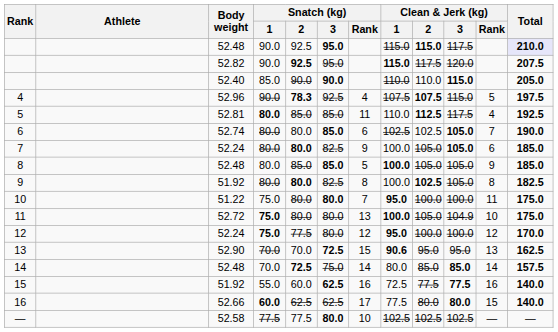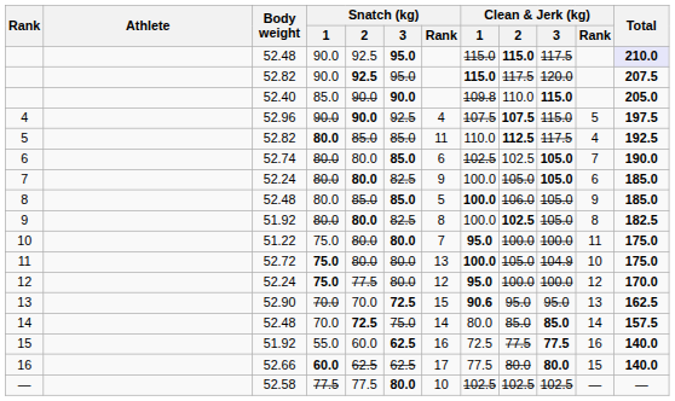 <table class = "wikitable" style="text-align:center;">
 <tr>
 <th rowspan=2 width=40>Rank</th>
 <th rowspan=2 width=250>Athlete</th>
 <th rowspan=2 width=60>Body weight</th>
 <th colspan=4>Snatch (kg)</th>
 <th colspan=4>Clean & Jerk (kg)</th>
 <th rowspan=2 width=60>Total</th>
 </tr>
 <tr>
 <th width=40>1</th>
 <th width=40>2</th>
 <th width=40>3</th>
 <th width=40>Rank</th>
 <th width=40>1</th>
 <th width=40>2</th>
 <th width=40>3</th>
 <th width=40>Rank</th>
 </tr>
 <tr>
 <td></td>
 <td align=left></td>
 <td>52.48</td>
 <td>90.0</td>
 <td>92.5</td>
 <td><strong>95.0</strong></td>
 <td></td>
 <td><s>115.0 </s></td>
 <td><strong>115.0</strong></td>
 <td><s>117.5 </s></td>
 <td></td>
 <td style="background: lavender;"><strong>210.0</strong></td>
 </tr>
 <tr>
 <td></td>
 <td align=left></td>
 <td>52.82</td>
 <td>90.0</td>
 <td><strong>92.5</strong></td>
 <td><s>95.0 </s></td>
 <td></td>
 <td><strong>115.0</strong></td>
 <td><s>117.5 </s></td>
 <td><s>120.0 </s></td>
 <td></td>
 <td><strong>207.5</strong></td>
 </tr>
 <tr>
 <td></td>
 <td align=left></td>
 <td>52.40</td>
 <td>85.0</td>
 <td><s>90.0 </s></td>
 <td><strong>90.0</strong></td>
 <td></td>
-<td><s>110.0 </s></td>
+<td><s>109.8 </s></td>
 <td>110.0</td>
 <td><strong>115.0</strong></td>
 <td></td>
 <td><strong>205.0</strong></td>
 </tr>
 <tr>
 <td>4</td>
 <td align=left></td>
 <td>52.96</td>
 <td><s>90.0 </s></td>
-<td><strong>78.3</strong></td>
+<td><strong>90.0</strong></td>
 <td><s>92.5 </s></td>
 <td>4</td>
 <td><s>107.5 </s></td>
 <td><strong>107.5</strong></td>
 <td><s>115.0 </s></td>
 <td>5</td>
 <td><strong>197.5</strong></td>
 </tr>
 <tr>
 <td>5</td>
 <td align=left></td>
-<td>52.81</td>
+<td>52.82</td>
 <td><strong>80.0</strong></td>
 <td><s>85.0 </s></td>
 <td><s>85.0 </s></td>
 <td>11</td>
 <td>110.0</td>
 <td><strong>112.5</strong></td>
 <td><s>117.5 </s></td>
 <td>4</td>
 <td><strong>192.5</strong></td>
 </tr>
 <tr>
 <td>6</td>
 <td align=left></td>
 <td>52.74</td>
 <td><s>80.0 </s></td>
 <td>80.0</td>
 <td><strong>85.0</strong></td>
 <td>6</td>
 <td><s>102.5 </s></td>
 <td>102.5</td>
 <td><strong>105.0</strong></td>
 <td>7</td>
 <td><strong>190.0</strong></td>
 </tr>
 <tr>
 <td>7</td>
 <td align=left></td>
 <td>52.24</td>
 <td><s>80.0 </s></td>
 <td><strong>80.0</strong></td>
 <td><s>82.5 </s></td>
 <td>9</td>
 <td>100.0</td>
 <td><s>105.0 </s></td>
 <td><strong>105.0</strong></td>
 <td>6</td>
 <td><strong>185.0</strong></td>
 </tr>
 <tr>
 <td>8</td>
 <td align=left></td>
 <td>52.48</td>
 <td>80.0</td>
 <td><s>85.0 </s></td>
 <td><strong>85.0</strong></td>
 <td>5</td>
 <td><strong>100.0</strong></td>
-<td><s>105.0 </s></td>
+<td><s>106.0 </s></td>
 <td><s>105.0 </s></td>
 <td>9</td>
 <td><strong>185.0</strong></td>
 </tr>
 <tr>
 <td>9</td>
 <td align=left></td>
 <td>51.92</td>
 <td><s>80.0 </s></td>
 <td><strong>80.0</strong></td>
 <td><s>82.5 </s></td>
 <td>8</td>
 <td>100.0</td>
 <td><strong>102.5</strong></td>
 <td><s>105.0 </s></td>
 <td>8</td>
 <td><strong>182.5</strong></td>
 </tr>
 <tr>
 <td>10</td>
 <td align=left></td>
 <td>51.22</td>
 <td>75.0</td>
 <td><s>80.0 </s></td>
 <td><strong>80.0</strong></td>
 <td>7</td>
 <td><strong>95.0</strong></td>
 <td><s>100.0 </s></td>
 <td><s>100.0 </s></td>
 <td>11</td>
 <td><strong>175.0</strong></td>
 </tr>
 <tr>
 <td>11</td>
 <td align=left></td>
 <td>52.72</td>
 <td><strong>75.0</strong></td>
 <td><s>80.0 </s></td>
 <td><s>80.0 </s></td>
 <td>13</td>
 <td><strong>100.0</strong></td>
 <td><s>105.0 </s></td>
 <td><s>104.9 </s></td>
 <td>10</td>
 <td><strong>175.0</strong></td>
 </tr>
 <tr>
 <td>12</td>
 <td align=left></td>
 <td>52.24</td>
 <td><strong>75.0</strong></td>
 <td><s>77.5 </s></td>
 <td><s>80.0 </s></td>
 <td>12</td>
 <td><strong>95.0</strong></td>
 <td><s>100.0 </s></td>
 <td><s>100.0 </s></td>
 <td>12</td>
 <td><strong>170.0</strong></td>
 </tr>
 <tr>
 <td>13</td>
 <td align=left></td>
 <td>52.90</td>
 <td><s>70.0 </s></td>
 <td>70.0</td>
 <td><strong>72.5</strong></td>
 <td>15</td>
 <td><strong>90.6</strong></td>
 <td><s>95.0 </s></td>
 <td><s>95.0 </s></td>
 <td>13</td>
 <td><strong>162.5</strong></td>
 </tr>
 <tr>
 <td>14</td>
 <td align=left></td>
 <td>52.48</td>
 <td>70.0</td>
 <td><strong>72.5</strong></td>
 <td><s>75.0 </s></td>
 <td>14</td>
 <td>80.0</td>
 <td><s>85.0 </s></td>
 <td><strong>85.0</strong></td>
 <td>14</td>
 <td><strong>157.5</strong></td>
 </tr>
 <tr>
 <td>15</td>
 <td align=left></td>
 <td>51.92</td>
 <td>55.0</td>
 <td>60.0</td>
 <td><strong>62.5</strong></td>
 <td>16</td>
 <td>72.5</td>
 <td><s>77.5 </s></td>
 <td><strong>77.5</strong></td>
 <td>16</td>
 <td><strong>140.0</strong></td>
 </tr>
 <tr>
 <td>16</td>
 <td align=left></td>
 <td>52.66</td>
 <td><strong>60.0</strong></td>
 <td><s>62.5 </s></td>
 <td><s>62.5 </s></td>
 <td>17</td>
 <td>77.5</td>
 <td><s>80.0 </s></td>
 <td><strong>80.0</strong></td>
 <td>15</td>
 <td><strong>140.0</strong></td>
 </tr>
 <tr>
 <td>—</td>
 <td align=left></td>
 <td>52.58</td>
 <td><s>77.5 </s></td>
 <td>77.5</td>
 <td><strong>80.0</strong></td>
 <td>10</td>
 <td><s>102.5 </s></td>
 <td><s>102.5 </s></td>
 <td><s>102.5 </s></td>
 <td>—</td>
 <td>—</td>
 </tr>
 </table>
